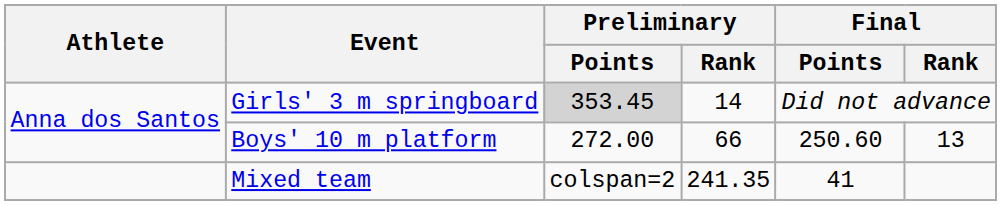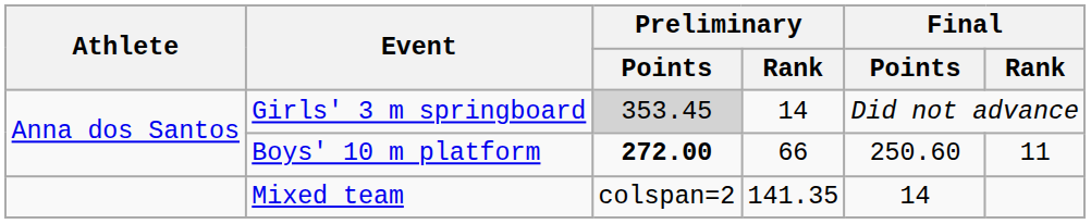 <table class="wikitable" style="text-align:center;font-size:90%">
 <tr>
 <th rowspan=2>Athlete</th>
 <th rowspan=2>Event</th>
 <th colspan=2>Preliminary</th>
 <th colspan=2>Final</th>
 </tr>
 <tr>
 <th>Points</th>
 <th>Rank</th>
 <th>Points</th>
 <th>Rank</th>
 </tr>
 <tr>
 <td align=left rowspan=2><a href='#'>Anna dos Santos</a></td>
 <td align=left><a href='#'>Girls' 3 m springboard</a></td>
 <td style="background: lightgrey;">353.45</td>
 <td>14</td>
 <td colspan=2><em>Did not advance</em></td>
 </tr>
 <tr>
 <td align=left><a href='#'>Boys' 10 m platform</a></td>
-<td>272.00</td>
+<td><strong>272.00</strong></td>
 <td>66</td>
 <td>250.60</td>
-<td>13</td>
+<td>11</td>
 </tr>
 <tr>
 <td align=left><br></td>
 <td align=left><a href='#'>Mixed team</a></td>
 <td>colspan=2 </td>
-<td>241.35</td>
-<td>41</td>
+<td>141.35</td>
+<td>14</td>
 </tr>
 </table>
